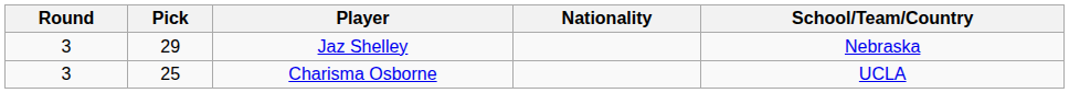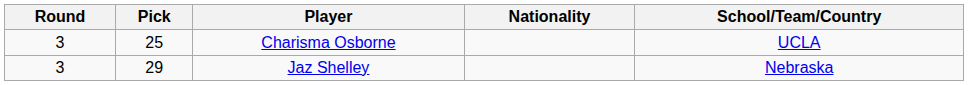 <table class="wikitable" style="text-align:center; width:60em">
 <tr>
 <th>Round</th>
 <th>Pick</th>
 <th>Player</th>
 <th>Nationality</th>
 <th>School/Team/Country</th>
 </tr>
 <tr>
 <td>3</td>
+<td>25</td>
+<td><a href='#'>Charisma Osborne</a></td>
+<td></td>
+<td><a href='#'>UCLA</a></td>
+</tr>
+<tr>
+<td>3</td>
 <td>29</td>
 <td><a href='#'>Jaz Shelley</a></td>
 <td></td>
 <td><a href='#'>Nebraska</a></td>
 </tr>
-<tr>
-<td>3</td>
-<td>25</td>
-<td><a href='#'>Charisma Osborne</a></td>
-<td></td>
-<td><a href='#'>UCLA</a></td>
-</tr>
 </table>
